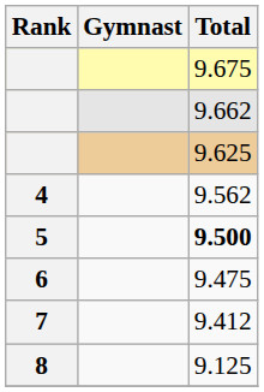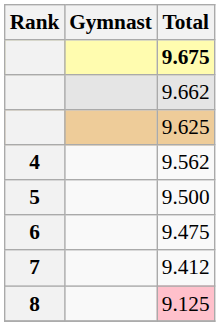 <table class="wikitable sortable" style="text-align:center; font-size:95%">
 <tr>
 <th scope=col>Rank</th>
 <th scope=col>Gymnast</th>
 <th scope=col>Total</th>
 </tr>
 <tr bgcolor=fffcaf>
 <th scope=row style="text-align:center"></th>
 <td align=left></td>
-<td>9.675</td>
+<td><strong>9.675</strong></td>
 </tr>
 <tr bgcolor=e5e5e5>
 <th scope=row style="text-align:center"></th>
 <td align=left></td>
 <td>9.662</td>
 </tr>
 <tr bgcolor=eecc99>
 <th scope=row style="text-align:center"></th>
 <td align=left></td>
 <td>9.625</td>
 </tr>
 <tr>
 <th scope=row style="text-align:center">4</th>
 <td align=left></td>
 <td>9.562</td>
 </tr>
 <tr>
 <th scope=row style="text-align:center">5</th>
 <td align=left></td>
-<td><strong>9.500</strong></td>
+<td>9.500</td>
 </tr>
 <tr>
 <th scope=row style="text-align:center">6</th>
 <td align=left></td>
 <td>9.475</td>
 </tr>
 <tr>
 <th scope=row style="text-align:center">7</th>
 <td align=left></td>
 <td>9.412</td>
 </tr>
 <tr>
 <th scope=row style="text-align:center">8</th>
 <td align=left></td>
-<td>9.125</td>
+<td style="background: pink;">9.125</td>
 </tr>
 <tr>
 </tr>
 </table>
